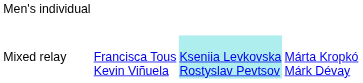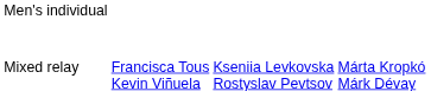 <table>
 <tr>
 <td>Men's individual<br></td>
 <td></td>
 <td></td>
 <td></td>
 </tr>
 <tr>
 <td><br></td>
 <td></td>
 <td></td>
 <td></td>
 </tr>
 <tr>
 <td>Mixed relay<br></td>
 <td><br><a href='#'>Francisca Tous</a><br><a href='#'>Kevin Viñuela</a></td>
-<td style="background: paleturquoise;"><br><a href='#'>Kseniia Levkovska</a><br><a href='#'>Rostyslav Pevtsov</a></td>
+<td><br><a href='#'>Kseniia Levkovska</a><br><a href='#'>Rostyslav Pevtsov</a></td>
 <td><br><a href='#'>Márta Kropkó</a><br><a href='#'>Márk Dévay</a></td>
 </tr>
 </table>
